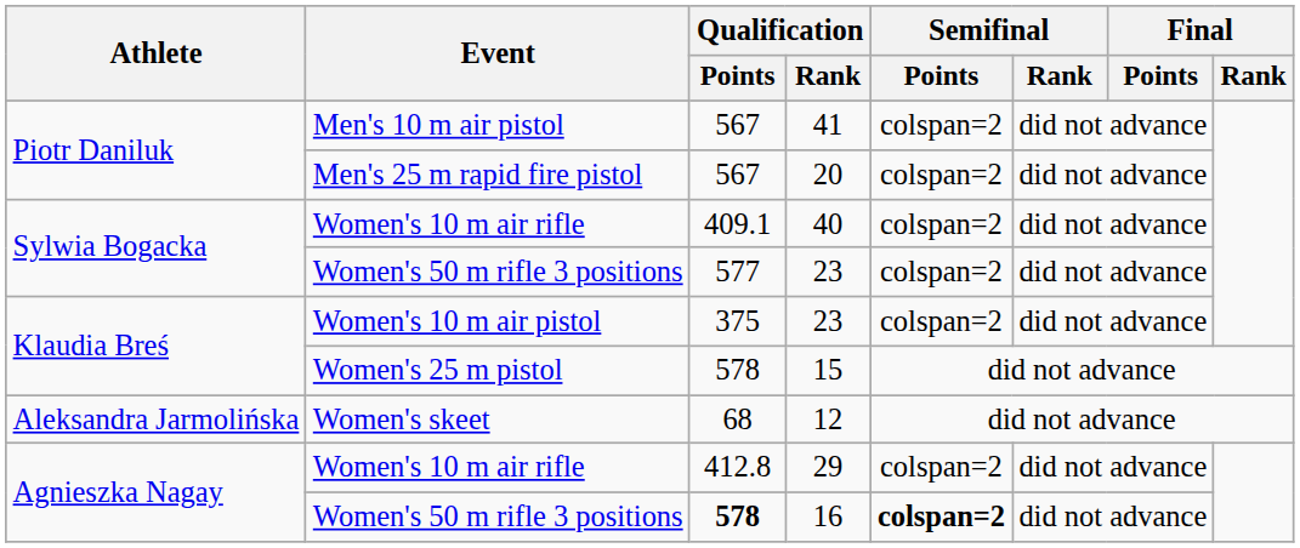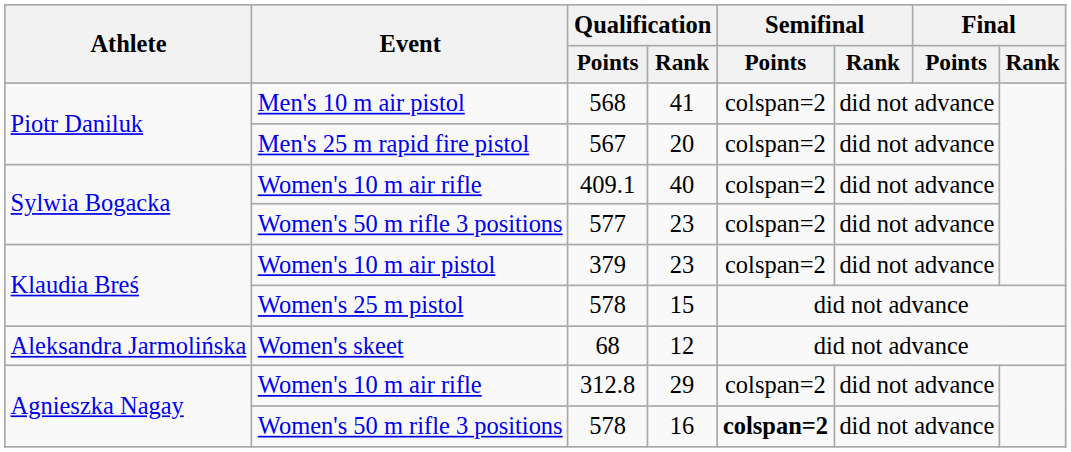 <table class="wikitable" style="font-size:90%">
 <tr>
 <th rowspan="2">Athlete</th>
 <th rowspan="2">Event</th>
 <th colspan=2>Qualification</th>
 <th colspan=2>Semifinal</th>
 <th colspan=2>Final</th>
 </tr>
 <tr style="font-size:95%">
 <th>Points</th>
 <th>Rank</th>
 <th>Points</th>
 <th>Rank</th>
 <th>Points</th>
 <th>Rank</th>
 </tr>
 <tr align=center>
 <td align=left rowspan=2><a href='#'>Piotr Daniluk</a></td>
 <td align=left><a href='#'>Men's 10 m air pistol</a></td>
-<td>567</td>
+<td>568</td>
 <td>41</td>
 <td>colspan=2 </td>
 <td colspan=2>did not advance</td>
 </tr>
 <tr align=center>
 <td align=left><a href='#'>Men's 25 m rapid fire pistol</a></td>
 <td>567</td>
 <td>20</td>
 <td>colspan=2 </td>
 <td colspan=2>did not advance</td>
 </tr>
 <tr align=center>
 <td align=left rowspan=2><a href='#'>Sylwia Bogacka</a></td>
 <td align=left><a href='#'>Women's 10 m air rifle</a></td>
 <td>409.1</td>
 <td>40</td>
 <td>colspan=2 </td>
 <td colspan=2>did not advance</td>
 </tr>
 <tr align=center>
 <td align=left><a href='#'>Women's 50 m rifle 3 positions</a></td>
 <td>577</td>
 <td>23</td>
 <td>colspan=2 </td>
 <td colspan=2>did not advance</td>
 </tr>
 <tr align=center>
 <td align=left rowspan=2><a href='#'>Klaudia Breś</a></td>
 <td align=left><a href='#'>Women's 10 m air pistol</a></td>
-<td>375</td>
+<td>379</td>
 <td>23</td>
 <td>colspan=2 </td>
 <td colspan=2>did not advance</td>
 </tr>
 <tr align=center>
 <td align=left><a href='#'>Women's 25 m pistol</a></td>
 <td>578</td>
 <td>15</td>
 <td colspan=4>did not advance</td>
 </tr>
 <tr align=center>
 <td align=left><a href='#'>Aleksandra Jarmolińska</a></td>
 <td align=left><a href='#'>Women's skeet</a></td>
 <td>68</td>
 <td>12</td>
 <td colspan=4>did not advance</td>
 </tr>
 <tr align=center>
 <td align=left rowspan=2><a href='#'>Agnieszka Nagay</a></td>
 <td align=left><a href='#'>Women's 10 m air rifle</a></td>
-<td>412.8</td>
+<td>312.8</td>
 <td>29</td>
 <td>colspan=2 </td>
 <td colspan=2>did not advance</td>
 </tr>
 <tr align=center>
 <td align=left><a href='#'>Women's 50 m rifle 3 positions</a></td>
-<td><strong>578</strong></td>
+<td>578</td>
 <td>16</td>
 <td><strong>colspan=2 </strong></td>
 <td colspan=2>did not advance</td>
 </tr>
 </table>
